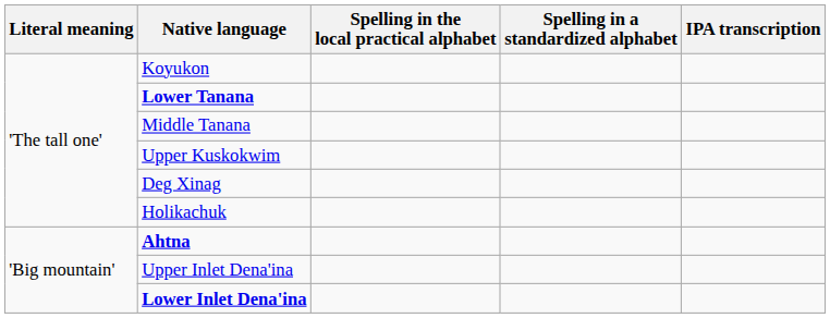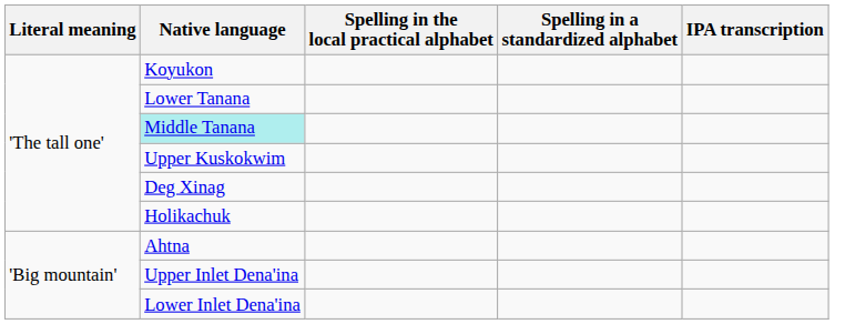 <table class="wikitable">
 <tr>
 <th>Literal meaning</th>
 <th>Native language</th>
 <th>Spelling in the<br>local practical alphabet</th>
 <th>Spelling in a<br>standardized alphabet</th>
 <th>IPA transcription</th>
 </tr>
 <tr>
 <td rowspan="6">'The tall one'</td>
 <td><a href='#'>Koyukon</a></td>
 <td></td>
 <td></td>
 <td></td>
 </tr>
 <tr>
-<td><strong><a href='#'>Lower Tanana</a></strong></td>
+<td><a href='#'>Lower Tanana</a></td>
 <td></td>
 <td></td>
 <td></td>
 </tr>
 <tr>
-<td><a href='#'>Middle Tanana</a></td>
+<td style="background: paleturquoise;"><a href='#'>Middle Tanana</a></td>
 <td></td>
 <td></td>
 <td></td>
 </tr>
 <tr>
 <td><a href='#'>Upper Kuskokwim</a></td>
 <td></td>
 <td></td>
 <td></td>
 </tr>
 <tr>
 <td><a href='#'>Deg Xinag</a></td>
 <td></td>
 <td></td>
 <td></td>
 </tr>
 <tr>
 <td><a href='#'>Holikachuk</a></td>
 <td></td>
 <td></td>
 <td></td>
 </tr>
 <tr>
 <td rowspan="3">'Big mountain'</td>
-<td><strong><a href='#'>Ahtna</a></strong></td>
+<td><a href='#'>Ahtna</a></td>
 <td></td>
 <td></td>
 <td></td>
 </tr>
 <tr>
 <td><a href='#'>Upper Inlet Dena'ina</a></td>
 <td></td>
 <td></td>
 <td></td>
 </tr>
 <tr>
-<td><strong><a href='#'>Lower Inlet Dena'ina</a></strong></td>
+<td><a href='#'>Lower Inlet Dena'ina</a></td>
 <td></td>
 <td></td>
 <td></td>
 </tr>
 </table>
